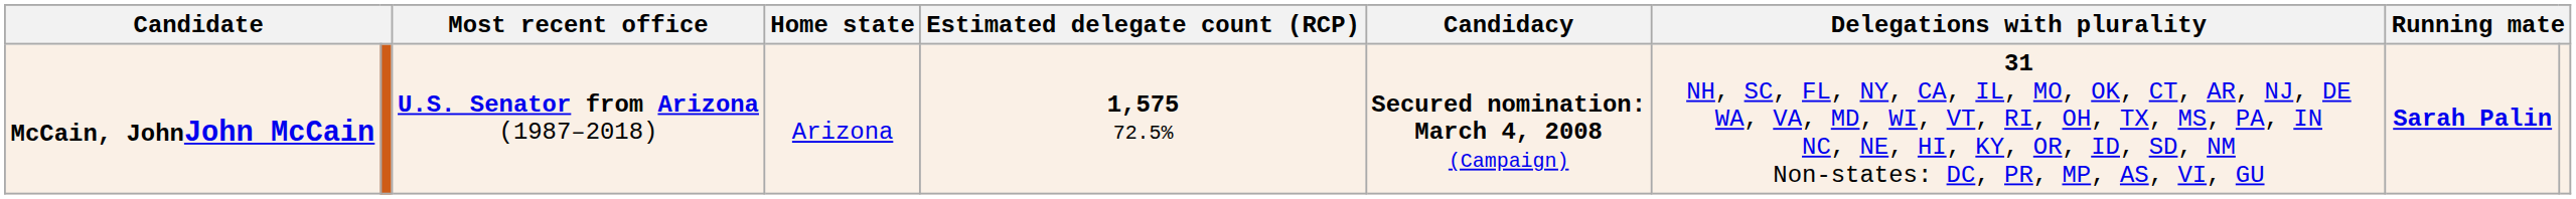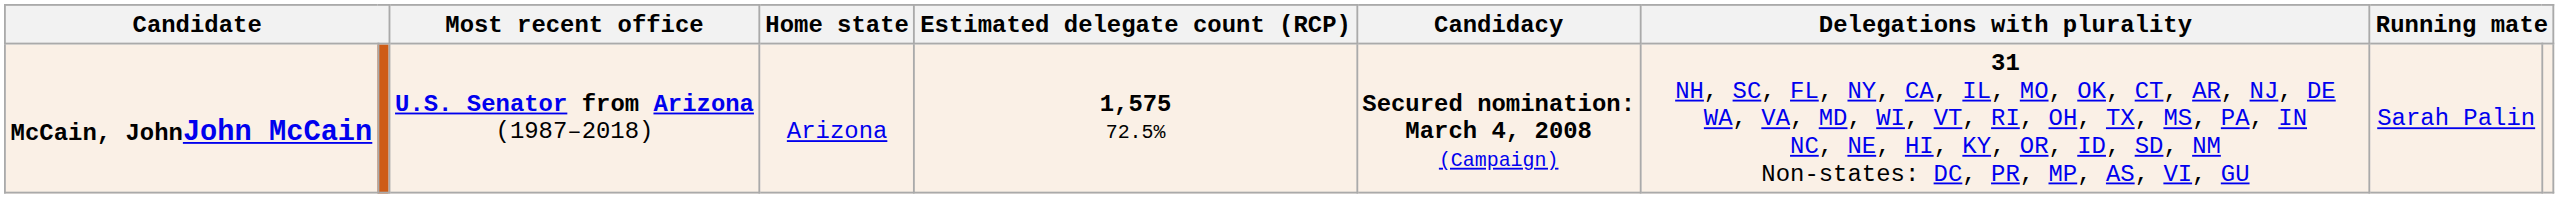 <table class="sortable wikitable" style="text-align:center;">
 <tr>
 <th colspan=2>Candidate</th>
 <th>Most recent office</th>
 <th>Home state</th>
 <th>Estimated delegate count (RCP)</th>
 <th>Candidacy</th>
 <th>Delegations with plurality</th>
 <th colspan="2">Running mate</th>
 </tr>
 <tr style="background:#FAF0E6;">
 <td><br><strong><span>McCain, John</span><big><a href='#'>John McCain</a></big></strong></td>
 <td style="background:#ce5c17;"></td>
 <td><strong><a href='#'>U.S. Senator</a> from <a href='#'>Arizona</a></strong><br>(1987–2018)</td>
 <td><br><a href='#'>Arizona</a></td>
 <td><strong>1,575</strong><br><small>72.5%</small><br></td>
 <td><br><strong>Secured nomination:<br>March 4, 2008</strong><br><a href='#'><small>(Campaign)</small></a></td>
 <td><strong>31</strong><br>  <a href='#'>NH</a>, <a href='#'>SC</a>, <a href='#'>FL</a>, <a href='#'>NY</a>, <a href='#'>CA</a>, <a href='#'>IL</a>, <a href='#'>MO</a>, <a href='#'>OK</a>, <a href='#'>CT</a>, <a href='#'>AR</a>, <a href='#'>NJ</a>, <a href='#'>DE</a>  <br> <a href='#'>WA</a>, <a href='#'>VA</a>, <a href='#'>MD</a>, <a href='#'>WI</a>, <a href='#'>VT</a>, <a href='#'>RI</a>, <a href='#'>OH</a>, <a href='#'>TX</a>, <a href='#'>MS</a>, <a href='#'>PA</a>, <a href='#'>IN</a><br> <a href='#'>NC</a>, <a href='#'>NE</a>, <a href='#'>HI</a>, <a href='#'>KY</a>, <a href='#'>OR</a>, <a href='#'>ID</a>, <a href='#'>SD</a>, <a href='#'>NM</a><br>Non-states: <a href='#'>DC</a>, <a href='#'>PR</a>, <a href='#'>MP</a>, <a href='#'>AS</a>, <a href='#'>VI</a>, <a href='#'>GU</a></td>
-<td><strong><a href='#'>Sarah Palin</a></strong></td>
+<td><a href='#'>Sarah Palin</a></td>
 <td></td>
 </tr>
 </table>
